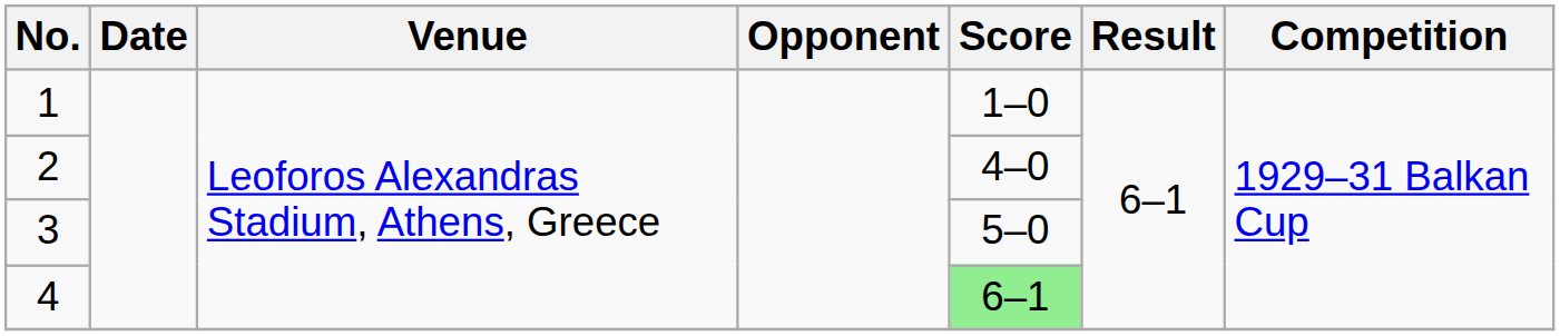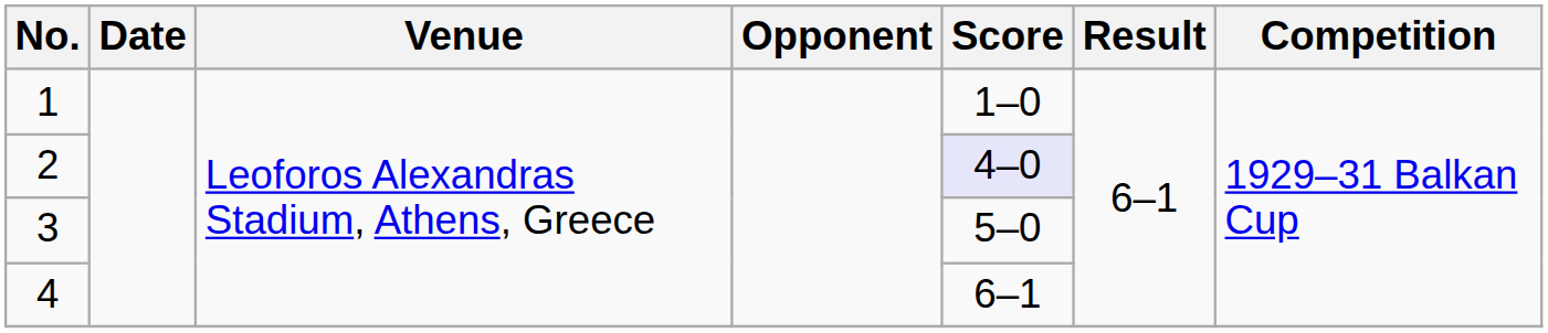 <table class="wikitable sortable">
 <tr>
 <th scope="col">No.</th>
 <th scope="col">Date</th>
 <th scope="col">Venue</th>
 <th scope="col">Opponent</th>
 <th scope="col">Score</th>
 <th scope="col">Result</th>
 <th scope="col">Competition</th>
 </tr>
 <tr>
 <td align="center">1</td>
 <td rowspan="4"></td>
 <td rowspan="4"><a href='#'>Leoforos Alexandras Stadium</a>, <a href='#'>Athens</a>, Greece</td>
 <td rowspan="4"></td>
 <td align="center">1–0</td>
 <td align="center" rowspan="4">6–1</td>
 <td rowspan="4"><a href='#'>1929–31 Balkan Cup</a></td>
 </tr>
 <tr>
 <td align="center">2</td>
-<td align=center>4–0</td>
+<td align=center style="background: lavender;">4–0</td>
 </tr>
 <tr>
 <td align="center">3</td>
 <td align="center">5–0</td>
 </tr>
 <tr>
 <td align="center">4</td>
-<td align="center" style="background: lightgreen;">6–1</td>
+<td align="center">6–1</td>
 </tr>
 <tr>
 </tr>
 </table>
